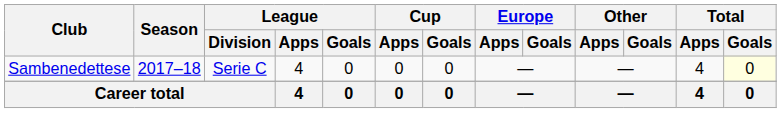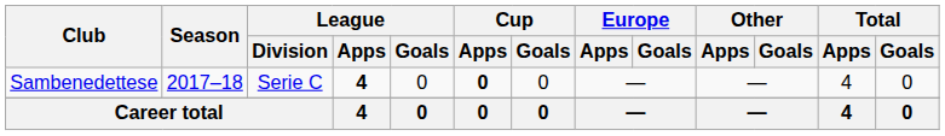 <table class="wikitable" style="text-align:center">
 <tr>
 <th rowspan="2">Club</th>
 <th rowspan="2">Season</th>
 <th colspan="3">League</th>
 <th colspan="2">Cup</th>
 <th colspan="2"><a href='#'>Europe</a></th>
 <th colspan="2">Other</th>
 <th colspan="2">Total</th>
 </tr>
 <tr>
 <th>Division</th>
 <th>Apps</th>
 <th>Goals</th>
 <th>Apps</th>
 <th>Goals</th>
 <th>Apps</th>
 <th>Goals</th>
 <th>Apps</th>
 <th>Goals</th>
 <th>Apps</th>
 <th>Goals</th>
 </tr>
 <tr>
 <td rowspan="1" valign="center"><a href='#'>Sambenedettese</a></td>
 <td><a href='#'>2017–18</a></td>
 <td rowspan="1"><a href='#'>Serie C</a></td>
-<td>4</td>
+<td><strong>4</strong></td>
 <td>0</td>
-<td>0</td>
+<td><strong>0</strong></td>
 <td>0</td>
 <td colspan="2">—</td>
 <td colspan="2">—</td>
 <td>4</td>
-<td style="background: lightyellow;">0</td>
+<td>0</td>
 </tr>
 <tr>
 </tr>
 <tr>
 <th colspan="3">Career total</th>
 <th>4</th>
 <th>0</th>
 <th>0</th>
 <th>0</th>
 <th colspan="2">—</th>
 <th colspan="2">—</th>
 <th>4</th>
 <th>0</th>
 </tr>
 </table>
